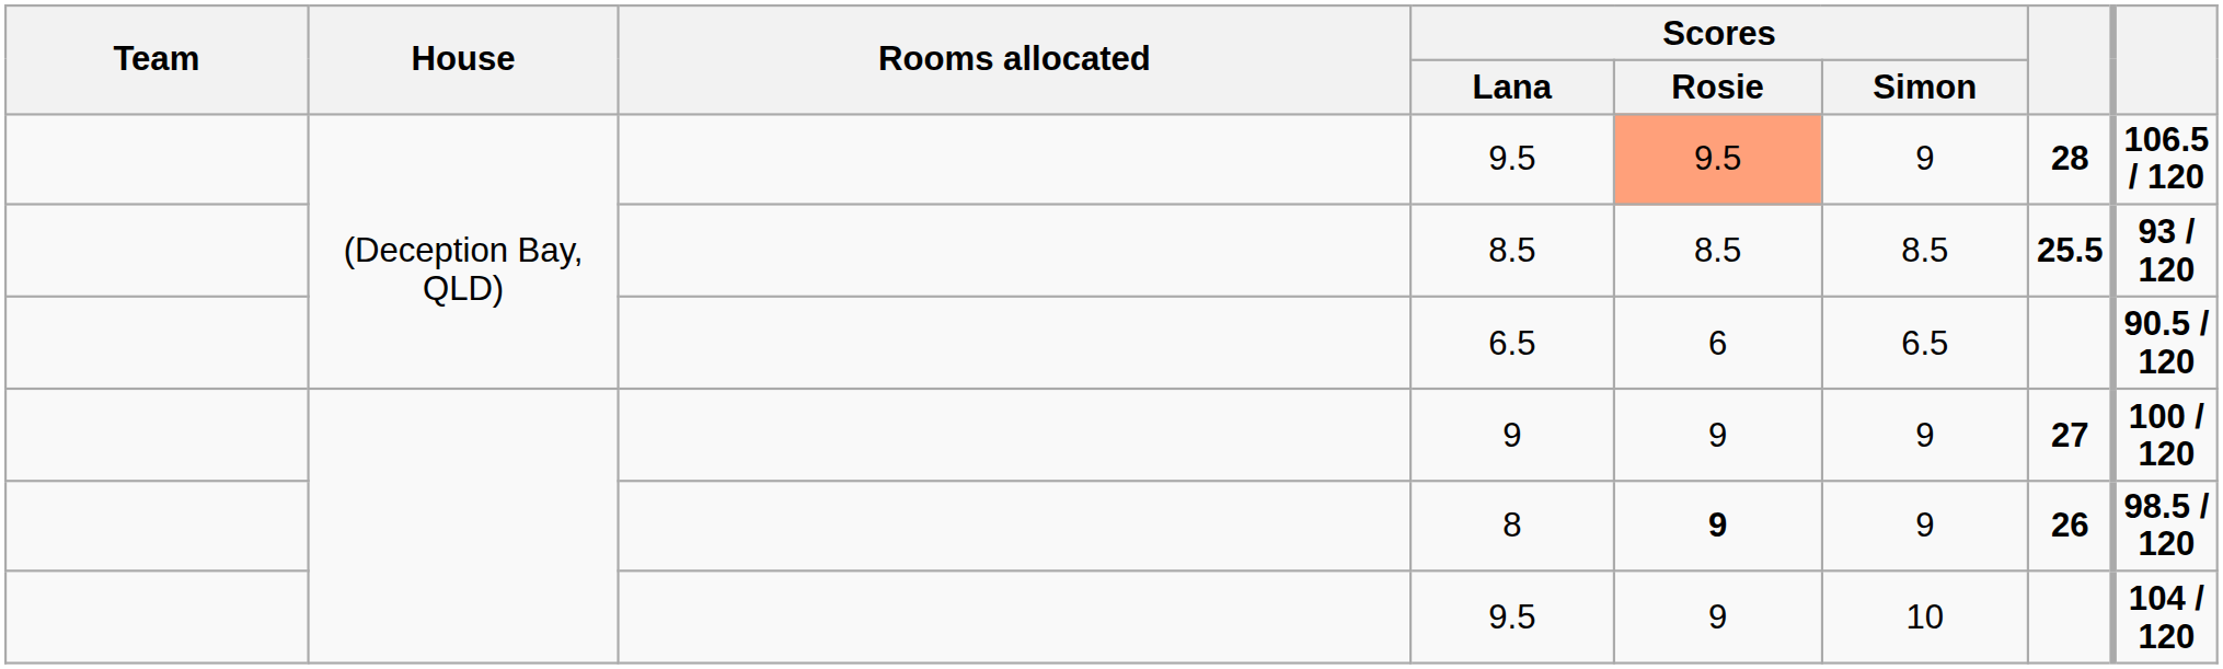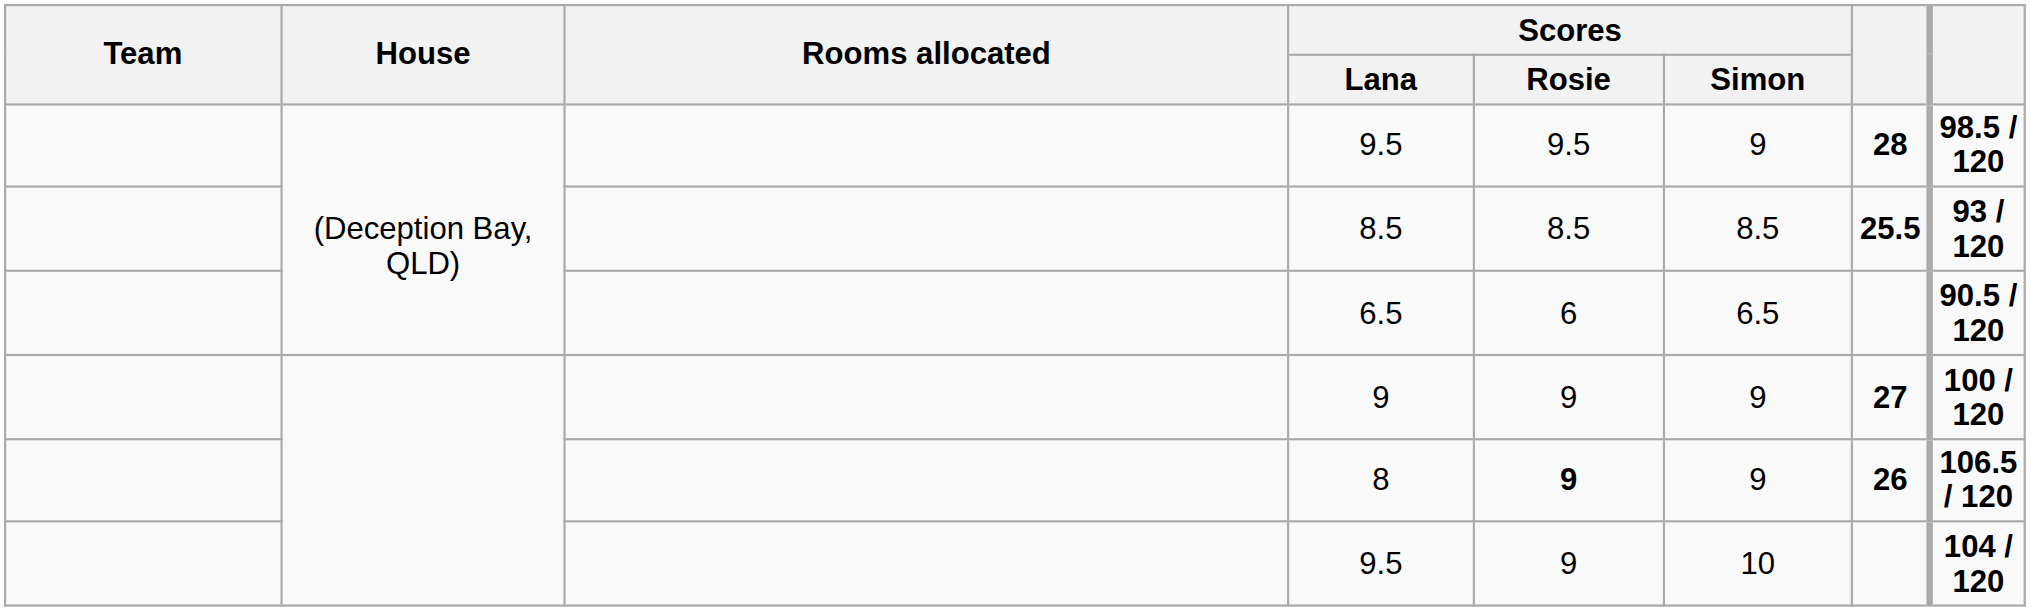 <table class="wikitable plainrowheaders" style="text-align:center; font-size:90%; width:65em;">
 <tr>
 <th rowspan="2">Team</th>
 <th rowspan="2">House</th>
 <th rowspan="2" style="width:40%;">Rooms allocated</th>
 <th colspan="3" style="width:30%;">Scores</th>
 <th rowspan="2" style="width:15%;"></th>
 <th rowspan="2" style="width:15%; border-left:3px solid #aaa;"></th>
 </tr>
 <tr>
 <th style="width:10%;">Lana</th>
 <th style="width:10%;">Rosie</th>
 <th style="width:10%;">Simon</th>
 </tr>
 <tr>
 <td style="width:15%;"></td>
 <td rowspan=3 style="width:15%;"><br>(Deception Bay, QLD)</td>
 <td></td>
 <td>9.5</td>
-<td style="background: lightsalmon;">9.5</td>
+<td>9.5</td>
 <td>9</td>
 <td><strong>28</strong></td>
-<td style="border-left:3px solid #aaa;"><strong> 106.5 / 120 </strong></td>
+<td style="border-left:3px solid #aaa;"><strong> 98.5 / 120 </strong></td>
 </tr>
 <tr>
 <td style="width:15%;"></td>
 <td></td>
 <td>8.5</td>
 <td>8.5</td>
 <td>8.5</td>
 <td><strong>25.5</strong></td>
 <td style="border-left:3px solid #aaa;"><strong> 93 / 120 </strong></td>
 </tr>
 <tr>
 <td style="width:15%;"></td>
 <td></td>
 <td>6.5</td>
 <td>6</td>
 <td>6.5</td>
 <td></td>
 <td style="border-left:3px solid #aaa;"><strong> 90.5 / 120 </strong></td>
 </tr>
 <tr>
 <td style="width:15%;"></td>
 <td rowspan=3 style="width:15%;"><br></td>
 <td></td>
 <td>9</td>
 <td>9</td>
 <td>9</td>
 <td><strong>27</strong></td>
 <td style="border-left:3px solid #aaa;"><strong> 100 / 120 </strong></td>
 </tr>
 <tr>
 <td style="width:15%;"></td>
 <td></td>
 <td>8</td>
 <td><strong>9</strong></td>
 <td>9</td>
 <td><strong>26</strong></td>
-<td style="border-left:3px solid #aaa;"><strong> 98.5 / 120 </strong></td>
+<td style="border-left:3px solid #aaa;"><strong> 106.5 / 120 </strong></td>
 </tr>
 <tr>
 <td style="width:15%;"></td>
 <td></td>
 <td>9.5</td>
 <td>9</td>
 <td>10</td>
 <td></td>
 <td style="border-left:3px solid #aaa;"><strong> 104 / 120 </strong></td>
 </tr>
 </table>
